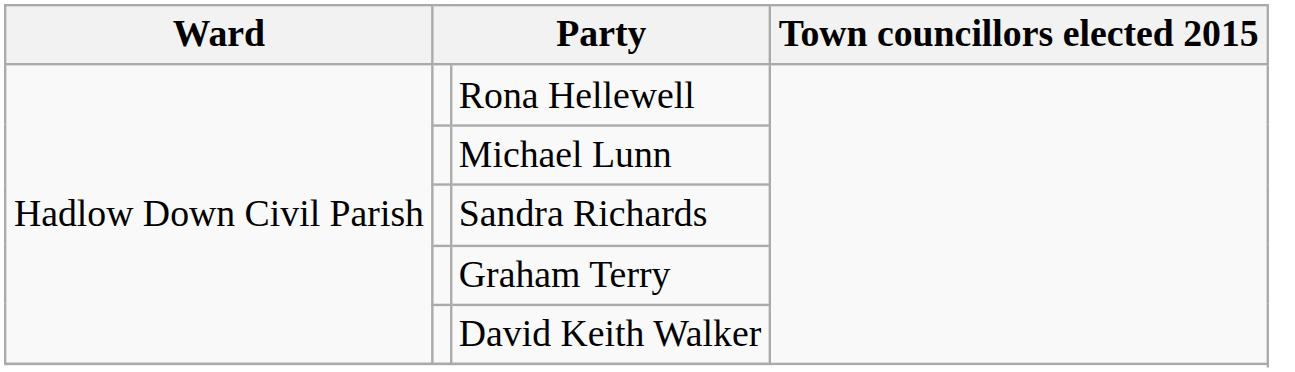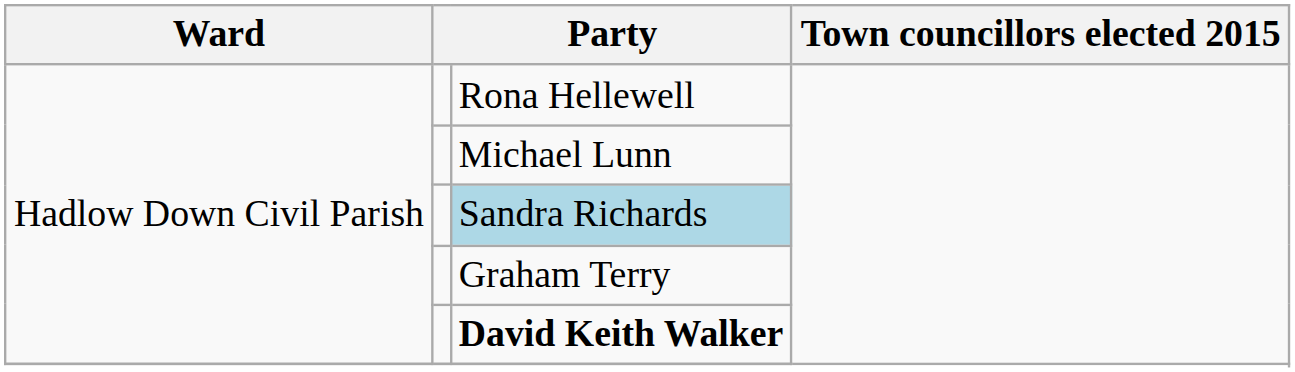 <table class="wikitable">
 <tr>
 <th>Ward</th>
 <th colspan=2>Party</th>
 <th>Town councillors elected 2015</th>
 </tr>
 <tr>
 <td rowspan="5">Hadlow Down Civil Parish</td>
 <td></td>
 <td>Rona Hellewell</td>
 </tr>
 <tr>
 <td></td>
 <td>Michael Lunn</td>
 </tr>
 <tr>
 <td></td>
-<td>Sandra Richards</td>
+<td style="background: lightblue;">Sandra Richards</td>
 </tr>
 <tr>
 <td></td>
 <td>Graham Terry</td>
 </tr>
 <tr>
 <td></td>
-<td>David Keith Walker</td>
+<td><strong>David Keith Walker</strong></td>
 </tr>
 <tr>
 </tr>
 </table>
